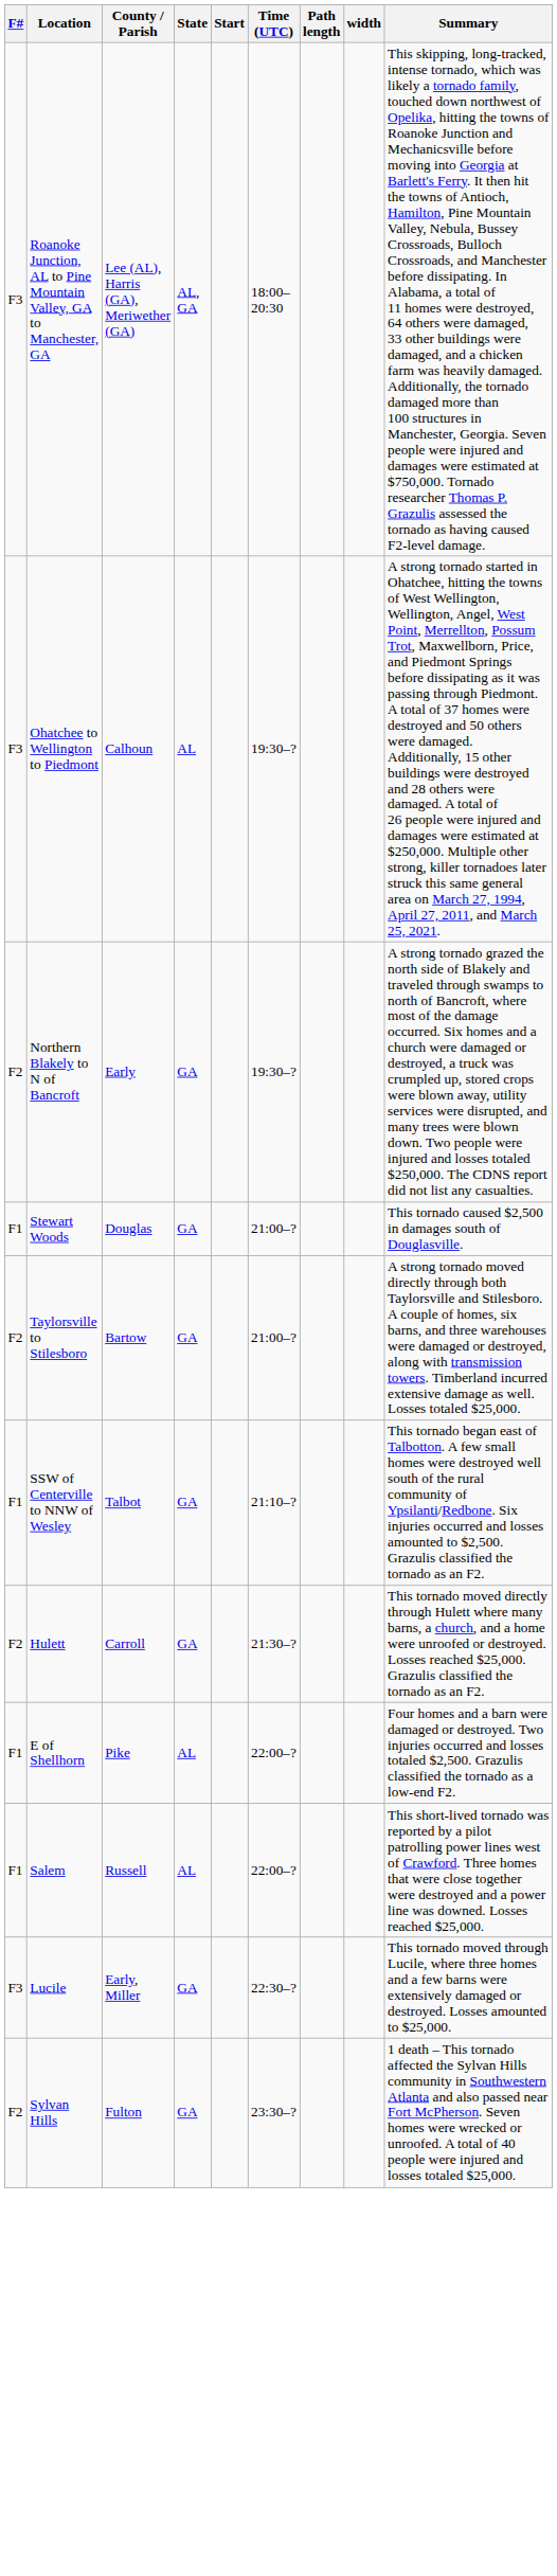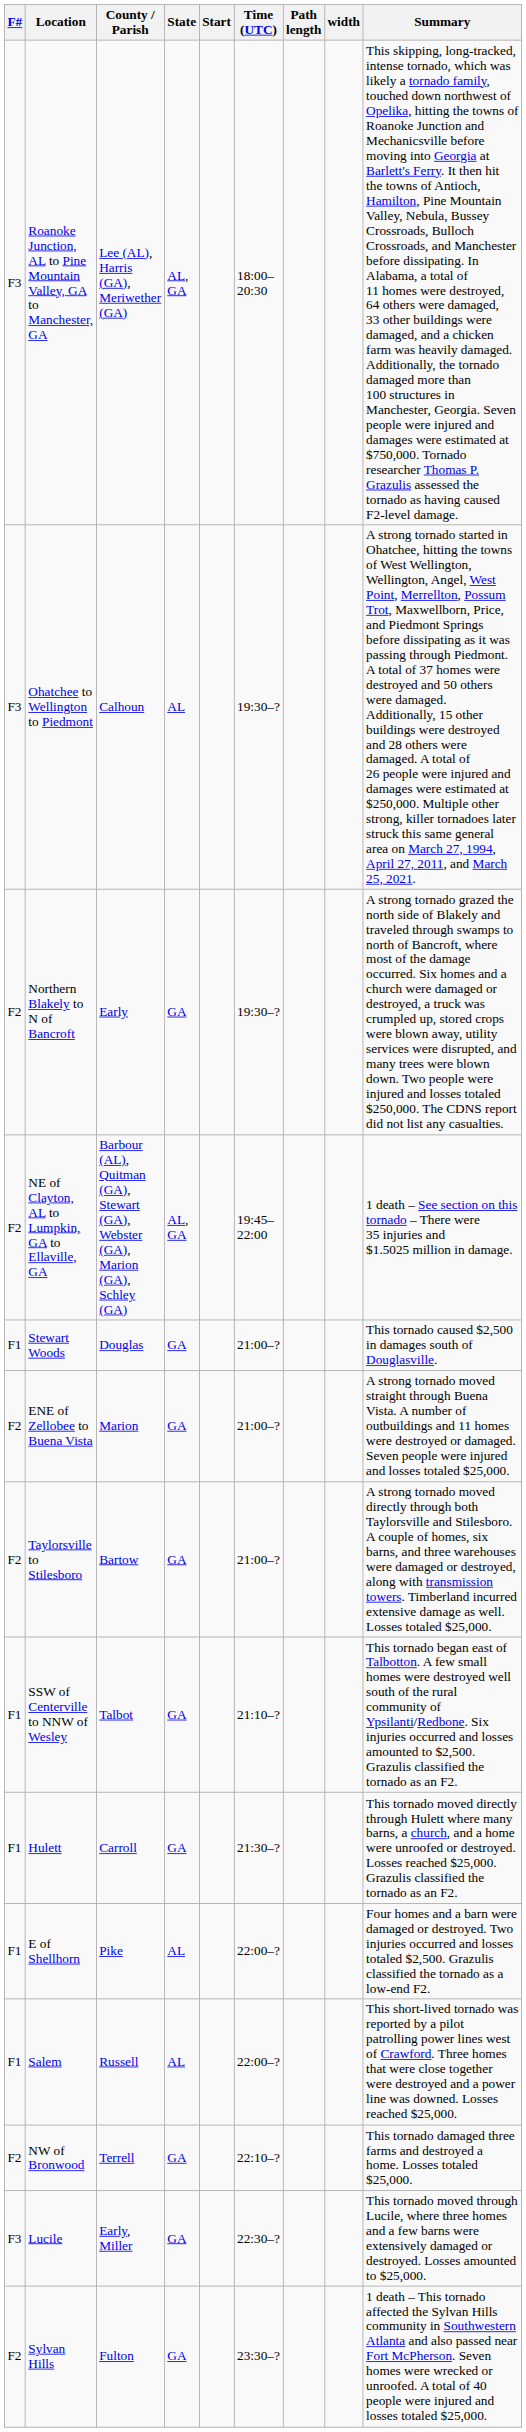 <table class="wikitable sortable" style="width:100%;">
 <tr>
 <th scope="col"  style="width:3%; text-align:center;"><a href='#'>F#</a></th>
 <th scope="col"  style="width:7%; text-align:center;" class="unsortable">Location</th>
 <th scope="col"  style="width:6%; text-align:center;" class="unsortable">County / Parish</th>
 <th scope="col"  style="width:5%; text-align:center;">State</th>
 <th scope="col"  style="width:6%; text-align:center;">Start<br></th>
 <th scope="col"  style="width:6%; text-align:center;">Time (<a href='#'>UTC</a>)</th>
 <th scope="col"  style="width:6%; text-align:center;">Path length</th>
 <th scope="col"  style="width:6%; text-align:center;"> width</th>
 <th scope="col" class="unsortable" style="width:48%; text-align:center;">Summary</th>
 </tr>
 <tr>
 <td>F3</td>
 <td><a href='#'>Roanoke Junction, AL</a> to <a href='#'>Pine Mountain Valley, GA</a> to <a href='#'>Manchester, GA</a></td>
 <td><a href='#'>Lee (AL)</a>, <a href='#'>Harris (GA)</a>, <a href='#'>Meriwether (GA)</a></td>
 <td><a href='#'>AL</a>, <a href='#'>GA</a></td>
 <td></td>
 <td>18:00–20:30</td>
 <td></td>
 <td></td>
 <td>This skipping, long-tracked, intense tornado, which was likely a <a href='#'>tornado family</a>, touched down northwest of <a href='#'>Opelika</a>, hitting the towns of Roanoke Junction and Mechanicsville before moving into <a href='#'>Georgia</a> at <a href='#'>Barlett's Ferry</a>. It then hit the towns of Antioch, <a href='#'>Hamilton</a>, Pine Mountain Valley, Nebula, Bussey Crossroads, Bulloch Crossroads, and Manchester before dissipating. In Alabama, a total of 11 homes were destroyed, 64 others were damaged, 33 other buildings were damaged, and a chicken farm was heavily damaged. Additionally, the tornado damaged more than 100 structures in Manchester, Georgia. Seven people were injured and damages were estimated at $750,000. Tornado researcher <a href='#'>Thomas P. Grazulis</a> assessed the tornado as having caused F2-level damage.</td>
 </tr>
 <tr>
 <td>F3</td>
 <td><a href='#'>Ohatchee</a> to <a href='#'>Wellington</a> to <a href='#'>Piedmont</a></td>
 <td><a href='#'>Calhoun</a></td>
 <td><a href='#'>AL</a></td>
 <td></td>
 <td>19:30–?</td>
 <td></td>
 <td></td>
 <td>A strong tornado started in Ohatchee, hitting the towns of West Wellington, Wellington, Angel, <a href='#'>West Point</a>, <a href='#'>Merrellton</a>, <a href='#'>Possum Trot</a>, Maxwellborn, Price, and Piedmont Springs before dissipating as it was passing through Piedmont. A total of 37 homes were destroyed and 50 others were damaged. Additionally, 15 other buildings were destroyed and 28 others were damaged. A total of 26 people were injured and damages were estimated at $250,000. Multiple other strong, killer tornadoes later struck this same general area on <a href='#'>March 27, 1994</a>, <a href='#'>April 27, 2011</a>, and <a href='#'>March 25, 2021</a>.</td>
 </tr>
 <tr>
 <td>F2</td>
 <td>Northern <a href='#'>Blakely</a> to N of <a href='#'>Bancroft</a></td>
 <td><a href='#'>Early</a></td>
 <td><a href='#'>GA</a></td>
 <td></td>
 <td>19:30–?</td>
 <td></td>
 <td></td>
 <td>A strong tornado grazed the north side of Blakely and traveled through swamps to north of Bancroft, where most of the damage occurred. Six homes and a church were damaged or destroyed, a truck was crumpled up, stored crops were blown away, utility services were disrupted, and many trees were blown down. Two people were injured and losses totaled $250,000. The CDNS report did not list any casualties.</td>
 </tr>
 <tr>
+<td>F2</td>
+<td>NE of <a href='#'>Clayton, AL</a> to <a href='#'>Lumpkin, GA</a> to <a href='#'>Ellaville, GA</a></td>
+<td><a href='#'>Barbour (AL)</a>, <a href='#'>Quitman (GA)</a>, <a href='#'>Stewart (GA)</a>, <a href='#'>Webster (GA)</a>, <a href='#'>Marion (GA)</a>, <a href='#'>Schley (GA)</a></td>
+<td><a href='#'>AL</a>, <a href='#'>GA</a></td>
+<td></td>
+<td>19:45–22:00</td>
+<td></td>
+<td></td>
+<td>1 death – <a href='#'>See section on this tornado</a> – There were 35 injuries and $1.5025 million in damage.</td>
+</tr>
+<tr>
 <td>F1</td>
 <td><a href='#'>Stewart Woods</a></td>
 <td><a href='#'>Douglas</a></td>
 <td><a href='#'>GA</a></td>
 <td></td>
 <td>21:00–?</td>
 <td></td>
 <td></td>
 <td>This tornado caused $2,500 in damages south of <a href='#'>Douglasville</a>.</td>
+</tr>
+<tr>
+<td>F2</td>
+<td>ENE of <a href='#'>Zellobee</a> to <a href='#'>Buena Vista</a></td>
+<td><a href='#'>Marion</a></td>
+<td><a href='#'>GA</a></td>
+<td></td>
+<td>21:00–?</td>
+<td></td>
+<td></td>
+<td>A strong tornado moved straight through Buena Vista. A number of outbuildings and 11 homes were destroyed or damaged. Seven people were injured and losses totaled $25,000.</td>
 </tr>
 <tr>
 <td>F2</td>
 <td><a href='#'>Taylorsville</a> to <a href='#'>Stilesboro</a></td>
 <td><a href='#'>Bartow</a></td>
 <td><a href='#'>GA</a></td>
 <td></td>
 <td>21:00–?</td>
 <td></td>
 <td></td>
 <td>A strong tornado moved directly through both Taylorsville and Stilesboro. A couple of homes, six barns, and three warehouses were damaged or destroyed, along with <a href='#'>transmission towers</a>. Timberland incurred extensive damage as well. Losses totaled $25,000.</td>
 </tr>
 <tr>
 <td>F1</td>
 <td>SSW of <a href='#'>Centerville</a> to NNW of <a href='#'>Wesley</a></td>
 <td><a href='#'>Talbot</a></td>
 <td><a href='#'>GA</a></td>
 <td></td>
 <td>21:10–?</td>
 <td></td>
 <td></td>
 <td>This tornado began east of <a href='#'>Talbotton</a>. A few small homes were destroyed well south of the rural community of <a href='#'>Ypsilanti</a>/<a href='#'>Redbone</a>. Six injuries occurred and losses amounted to $2,500. Grazulis classified the tornado as an F2.</td>
 </tr>
 <tr>
-<td>F2</td>
+<td>F1</td>
 <td><a href='#'>Hulett</a></td>
 <td><a href='#'>Carroll</a></td>
 <td><a href='#'>GA</a></td>
 <td></td>
 <td>21:30–?</td>
 <td></td>
 <td></td>
 <td>This tornado moved directly through Hulett where many barns, a <a href='#'>church</a>, and a home were unroofed or destroyed. Losses reached $25,000. Grazulis classified the tornado as an F2.</td>
 </tr>
 <tr>
 <td>F1</td>
 <td>E of <a href='#'>Shellhorn</a></td>
 <td><a href='#'>Pike</a></td>
 <td><a href='#'>AL</a></td>
 <td></td>
 <td>22:00–?</td>
 <td></td>
 <td></td>
 <td>Four homes and a barn were damaged or destroyed. Two injuries occurred and losses totaled $2,500. Grazulis classified the tornado as a low-end F2.</td>
 </tr>
 <tr>
 <td>F1</td>
 <td><a href='#'>Salem</a></td>
 <td><a href='#'>Russell</a></td>
 <td><a href='#'>AL</a></td>
 <td></td>
 <td>22:00–?</td>
 <td></td>
 <td></td>
 <td>This short-lived tornado was reported by a pilot patrolling power lines west of <a href='#'>Crawford</a>. Three homes that were close together were destroyed and a power line was downed. Losses reached $25,000.</td>
 </tr>
 <tr>
+<td>F2</td>
+<td>NW of <a href='#'>Bronwood</a></td>
+<td><a href='#'>Terrell</a></td>
+<td><a href='#'>GA</a></td>
+<td></td>
+<td>22:10–?</td>
+<td></td>
+<td></td>
+<td>This tornado damaged three farms and destroyed a home. Losses totaled $25,000.</td>
+</tr>
+<tr>
 <td>F3</td>
 <td><a href='#'>Lucile</a></td>
 <td><a href='#'>Early</a>, <a href='#'>Miller</a></td>
 <td><a href='#'>GA</a></td>
 <td></td>
 <td>22:30–?</td>
 <td></td>
 <td></td>
 <td>This tornado moved through Lucile, where three homes and a few barns were extensively damaged or destroyed. Losses amounted to $25,000.</td>
 </tr>
 <tr>
 <td>F2</td>
 <td><a href='#'>Sylvan Hills</a></td>
 <td><a href='#'>Fulton</a></td>
 <td><a href='#'>GA</a></td>
 <td></td>
 <td>23:30–?</td>
 <td></td>
 <td></td>
 <td>1 death – This tornado affected the Sylvan Hills community in <a href='#'>Southwestern Atlanta</a> and also passed near <a href='#'>Fort McPherson</a>. Seven homes were wrecked or unroofed. A total of 40 people were injured and losses totaled $25,000.</td>
 </tr>
 </table>
